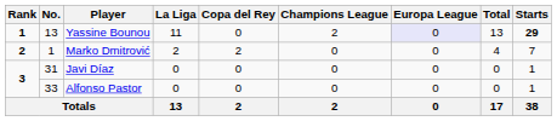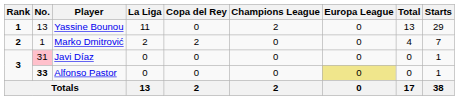 <table class="wikitable" style="text-align: center;">
 <tr>
 <th>Rank</th>
 <th>No.</th>
 <th>Player</th>
 <th>La Liga</th>
 <th>Copa del Rey</th>
 <th>Champions League</th>
 <th>Europa League</th>
 <th>Total</th>
 <th>Starts</th>
 </tr>
 <tr>
 <td><strong>1</strong></td>
 <td>13</td>
 <td align=left> <a href='#'>Yassine Bounou</a></td>
 <td>11</td>
 <td>0</td>
 <td>2</td>
-<td style="background: lavender;">0</td>
+<td>0</td>
 <td>13</td>
-<td><strong>29</strong></td>
+<td>29</td>
 </tr>
 <tr>
 <td><strong>2</strong></td>
 <td>1</td>
 <td align=left> <a href='#'>Marko Dmitrović</a></td>
 <td>2</td>
 <td>2</td>
 <td>0</td>
 <td>0</td>
 <td>4</td>
 <td>7</td>
 </tr>
 <tr>
 <td rowspan=2><strong>3</strong></td>
-<td>31</td>
+<td style="background: pink;">31</td>
 <td align=left> <a href='#'>Javi Díaz</a></td>
 <td>0</td>
 <td>0</td>
 <td>0</td>
 <td>0</td>
 <td>0</td>
 <td>1</td>
 </tr>
 <tr>
-<td>33</td>
+<td><strong>33</strong></td>
 <td align=left> <a href='#'>Alfonso Pastor</a></td>
 <td>0</td>
 <td>0</td>
 <td>0</td>
-<td>0</td>
+<td style="background: khaki;">0</td>
 <td>0</td>
 <td>1</td>
 </tr>
 <tr>
 <th colspan=3><strong>Totals</strong></th>
 <th><strong>13</strong></th>
 <th><strong>2</strong></th>
 <th><strong>2</strong></th>
 <th><strong>0</strong></th>
 <th><strong>17</strong></th>
 <th><strong>38</strong></th>
 </tr>
 </table>
